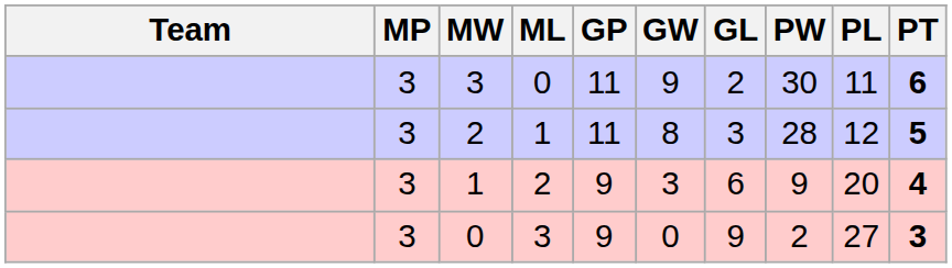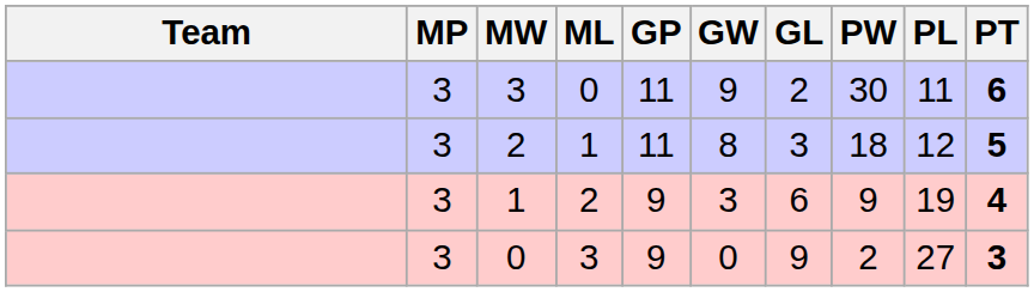 <table class=wikitable style="text-align:center">
 <tr>
 <th width=175>Team</th>
 <th width=20>MP</th>
 <th width=20>MW</th>
 <th width=20>ML</th>
 <th width=20>GP</th>
 <th width=20>GW</th>
 <th width=20>GL</th>
 <th width=20>PW</th>
 <th width=20>PL</th>
 <th width=20>PT</th>
 </tr>
 <tr style="background-color:#ccccff;">
 <td style="text-align:left;"></td>
 <td>3</td>
 <td>3</td>
 <td>0</td>
 <td>11</td>
 <td>9</td>
 <td>2</td>
 <td>30</td>
 <td>11</td>
 <td><strong>6</strong></td>
 </tr>
 <tr style="background-color:#ccccff;">
 <td style="text-align:left;"></td>
 <td>3</td>
 <td>2</td>
 <td>1</td>
 <td>11</td>
 <td>8</td>
 <td>3</td>
-<td>28</td>
+<td>18</td>
 <td>12</td>
 <td><strong>5</strong></td>
 </tr>
 <tr style="background-color:#ffcccc;">
 <td style="text-align:left;"></td>
 <td>3</td>
 <td>1</td>
 <td>2</td>
 <td>9</td>
 <td>3</td>
 <td>6</td>
 <td>9</td>
-<td>20</td>
+<td>19</td>
 <td><strong>4</strong></td>
 </tr>
 <tr style="background-color:#ffcccc;">
 <td style="text-align:left;"></td>
 <td>3</td>
 <td>0</td>
 <td>3</td>
 <td>9</td>
 <td>0</td>
 <td>9</td>
 <td>2</td>
 <td>27</td>
 <td><strong>3</strong></td>
 </tr>
 </table>
